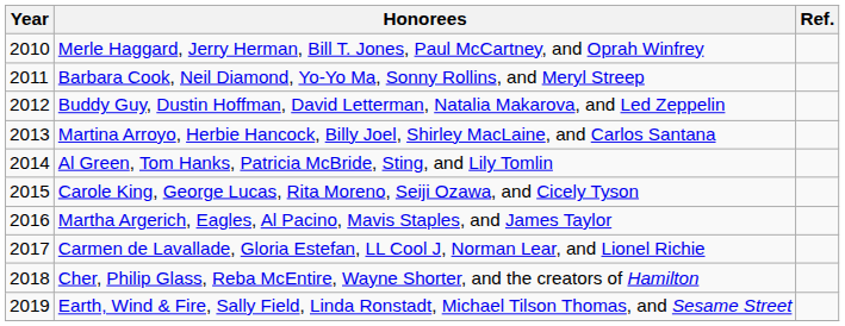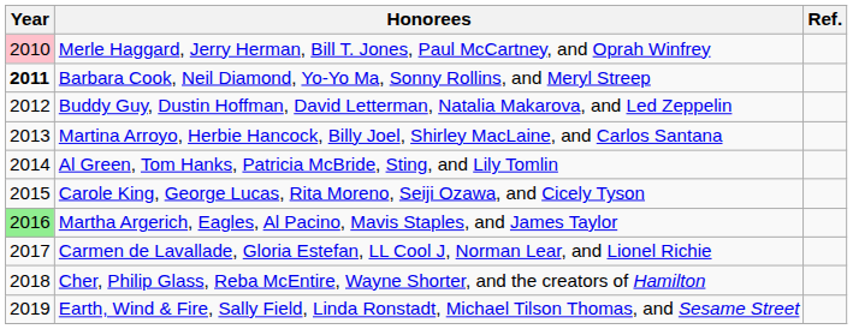 <table class="wikitable">
 <tr>
 <th>Year</th>
 <th>Honorees</th>
 <th>Ref.</th>
 </tr>
 <tr>
-<td>2010</td>
+<td style="background: pink;">2010</td>
 <td><a href='#'>Merle Haggard</a>, <a href='#'>Jerry Herman</a>, <a href='#'>Bill T. Jones</a>, <a href='#'>Paul McCartney</a>, and <a href='#'>Oprah Winfrey</a></td>
 <td></td>
 </tr>
 <tr>
-<td>2011</td>
+<td><strong>2011</strong></td>
 <td><a href='#'>Barbara Cook</a>, <a href='#'>Neil Diamond</a>, <a href='#'>Yo-Yo Ma</a>, <a href='#'>Sonny Rollins</a>, and <a href='#'>Meryl Streep</a></td>
 <td></td>
 </tr>
 <tr>
 <td>2012</td>
 <td><a href='#'>Buddy Guy</a>, <a href='#'>Dustin Hoffman</a>, <a href='#'>David Letterman</a>, <a href='#'>Natalia Makarova</a>, and <a href='#'>Led Zeppelin</a></td>
 <td></td>
 </tr>
 <tr>
 <td>2013</td>
 <td><a href='#'>Martina Arroyo</a>, <a href='#'>Herbie Hancock</a>, <a href='#'>Billy Joel</a>, <a href='#'>Shirley MacLaine</a>, and <a href='#'>Carlos Santana</a></td>
 <td></td>
 </tr>
 <tr>
 <td>2014</td>
 <td><a href='#'>Al Green</a>, <a href='#'>Tom Hanks</a>, <a href='#'>Patricia McBride</a>, <a href='#'>Sting</a>, and <a href='#'>Lily Tomlin</a></td>
 <td></td>
 </tr>
 <tr>
 <td>2015</td>
 <td><a href='#'>Carole King</a>, <a href='#'>George Lucas</a>, <a href='#'>Rita Moreno</a>, <a href='#'>Seiji Ozawa</a>, and <a href='#'>Cicely Tyson</a></td>
 <td></td>
 </tr>
 <tr>
-<td>2016</td>
+<td style="background: lightgreen;">2016</td>
 <td><a href='#'>Martha Argerich</a>, <a href='#'>Eagles</a>, <a href='#'>Al Pacino</a>, <a href='#'>Mavis Staples</a>, and <a href='#'>James Taylor</a></td>
 <td></td>
 </tr>
 <tr>
 <td>2017</td>
 <td><a href='#'>Carmen de Lavallade</a>, <a href='#'>Gloria Estefan</a>, <a href='#'>LL Cool J</a>, <a href='#'>Norman Lear</a>, and <a href='#'>Lionel Richie</a></td>
 <td></td>
 </tr>
 <tr>
 <td>2018</td>
 <td><a href='#'>Cher</a>, <a href='#'>Philip Glass</a>, <a href='#'>Reba McEntire</a>, <a href='#'>Wayne Shorter</a>, and the creators of <em><a href='#'>Hamilton</a></em></td>
 <td></td>
 </tr>
 <tr>
 <td>2019</td>
 <td><a href='#'>Earth, Wind & Fire</a>, <a href='#'>Sally Field</a>, <a href='#'>Linda Ronstadt</a>, <a href='#'>Michael Tilson Thomas</a>, and <em><a href='#'>Sesame Street</a></em></td>
 <td></td>
 </tr>
 <tr>
 </tr>
 </table>
